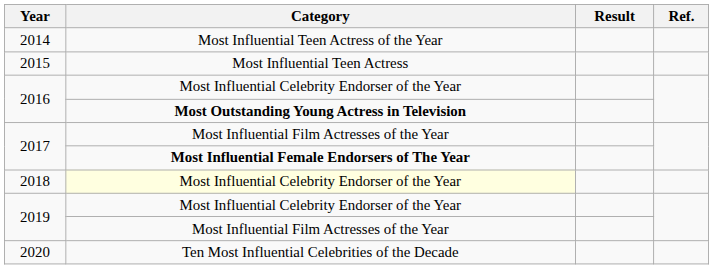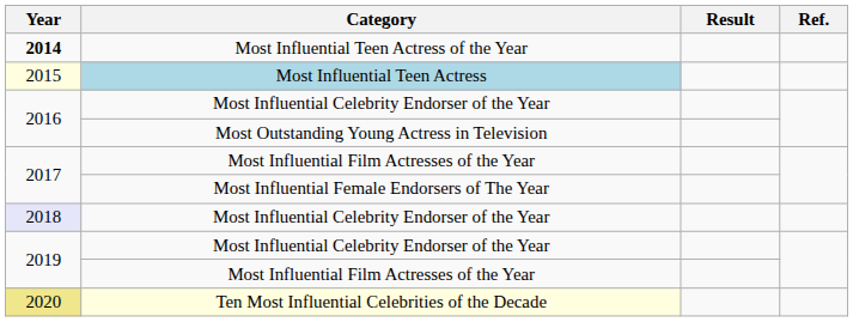 <table class="wikitable sortable"  style="text-align:center; width:60%;">
 <tr>
 <th>Year</th>
 <th>Category</th>
 <th>Result</th>
 <th>Ref.</th>
 </tr>
 <tr>
-<td>2014</td>
+<td><strong>2014</strong></td>
 <td>Most Influential Teen Actress of the Year</td>
 <td></td>
 <td></td>
 </tr>
 <tr>
-<td>2015</td>
-<td>Most Influential Teen Actress</td>
+<td style="background: lightyellow;">2015</td>
+<td style="background: lightblue;">Most Influential Teen Actress</td>
 <td></td>
 <td></td>
 </tr>
 <tr>
 <td rowspan=2>2016</td>
 <td>Most Influential Celebrity Endorser of the Year</td>
 <td></td>
 <td rowspan="2"></td>
 </tr>
 <tr>
-<td><strong>Most Outstanding Young Actress in Television</strong></td>
+<td>Most Outstanding Young Actress in Television</td>
 <td></td>
 </tr>
 <tr>
 <td rowspan=2>2017</td>
 <td>Most Influential Film Actresses of the Year</td>
 <td></td>
 <td rowspan=2></td>
 </tr>
 <tr>
-<td><strong>Most Influential Female Endorsers of The Year</strong></td>
+<td>Most Influential Female Endorsers of The Year</td>
 <td></td>
 </tr>
 <tr>
-<td>2018</td>
-<td style="background: lightyellow;">Most Influential Celebrity Endorser of the Year</td>
+<td style="background: lavender;">2018</td>
+<td>Most Influential Celebrity Endorser of the Year</td>
 <td></td>
 <td></td>
 </tr>
 <tr>
 <td rowspan=2>2019</td>
 <td>Most Influential Celebrity Endorser of the Year</td>
 <td></td>
 <td rowspan=2></td>
 </tr>
 <tr>
 <td>Most Influential Film Actresses of the Year</td>
 <td></td>
 </tr>
 <tr>
-<td>2020</td>
-<td>Ten Most Influential Celebrities of the Decade</td>
+<td style="background: khaki;">2020</td>
+<td style="background: lightyellow;">Ten Most Influential Celebrities of the Decade</td>
 <td></td>
 <td></td>
 </tr>
 </table>
